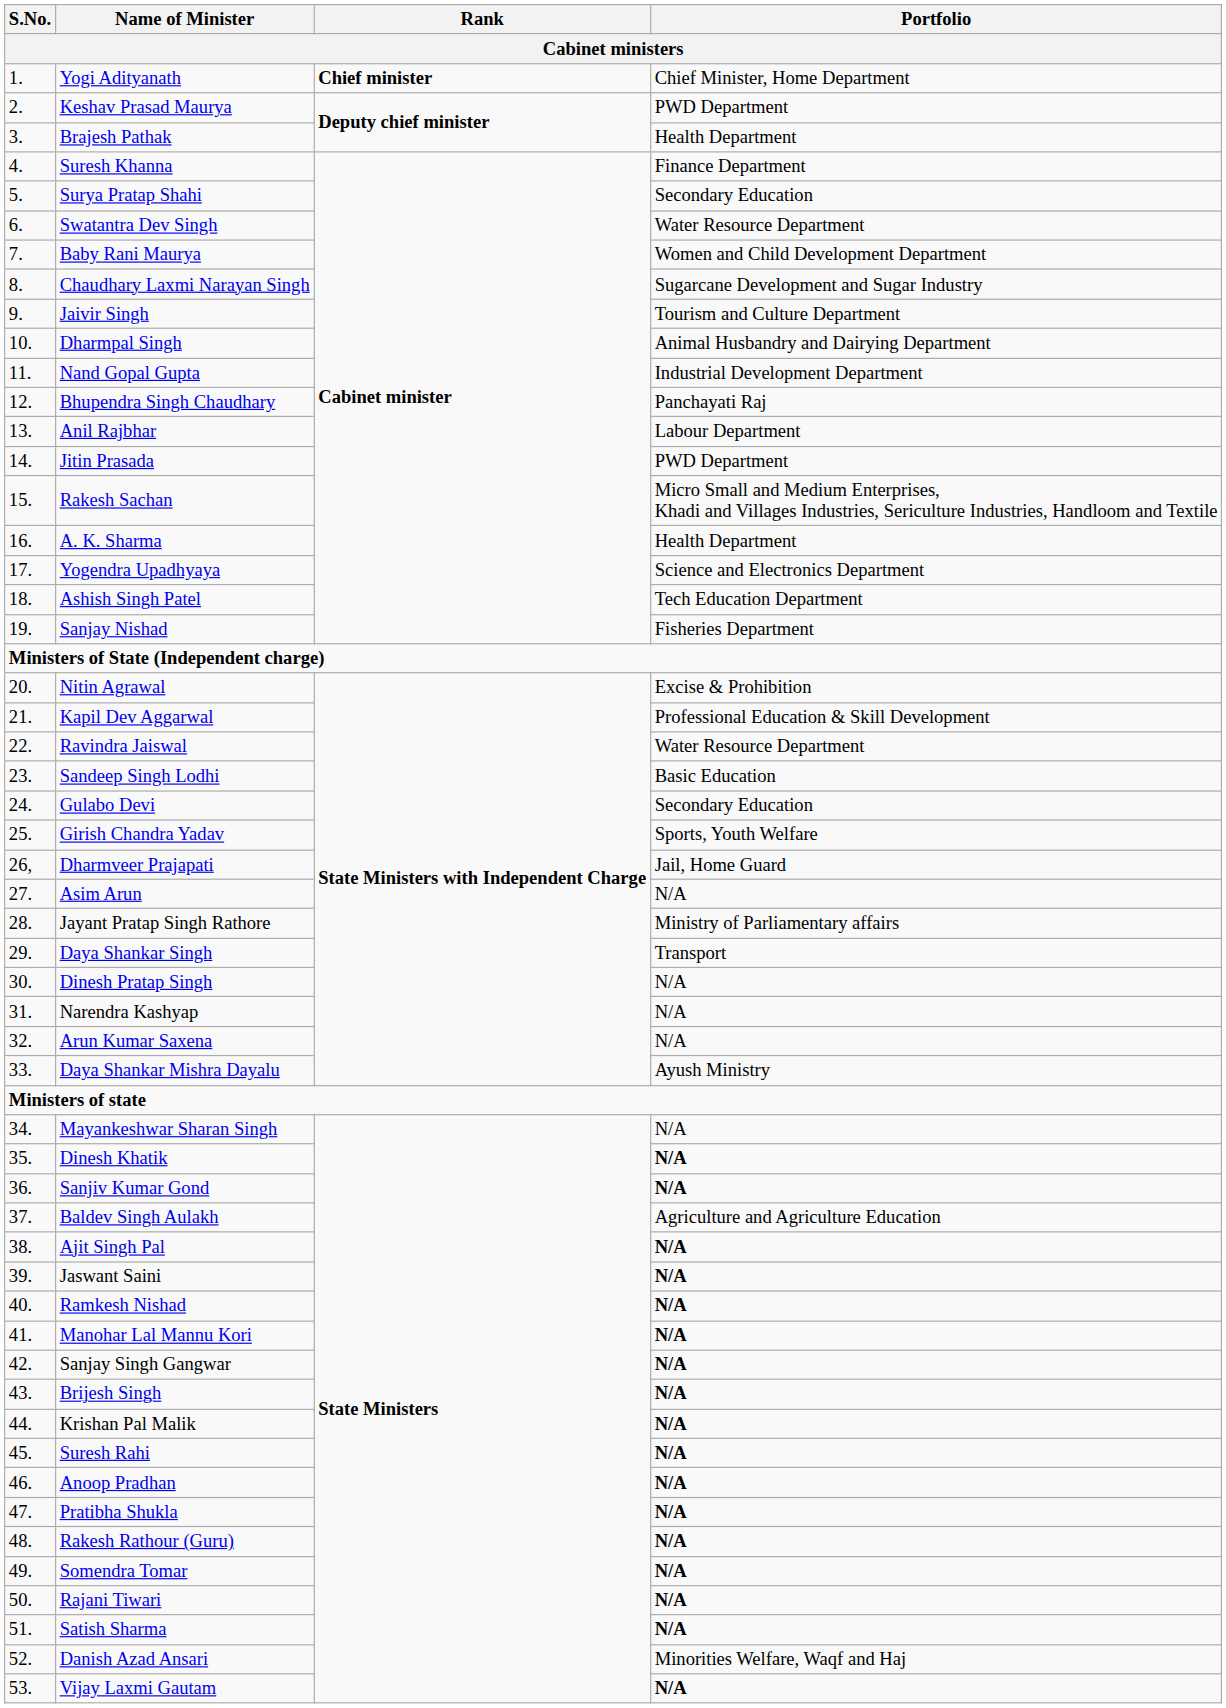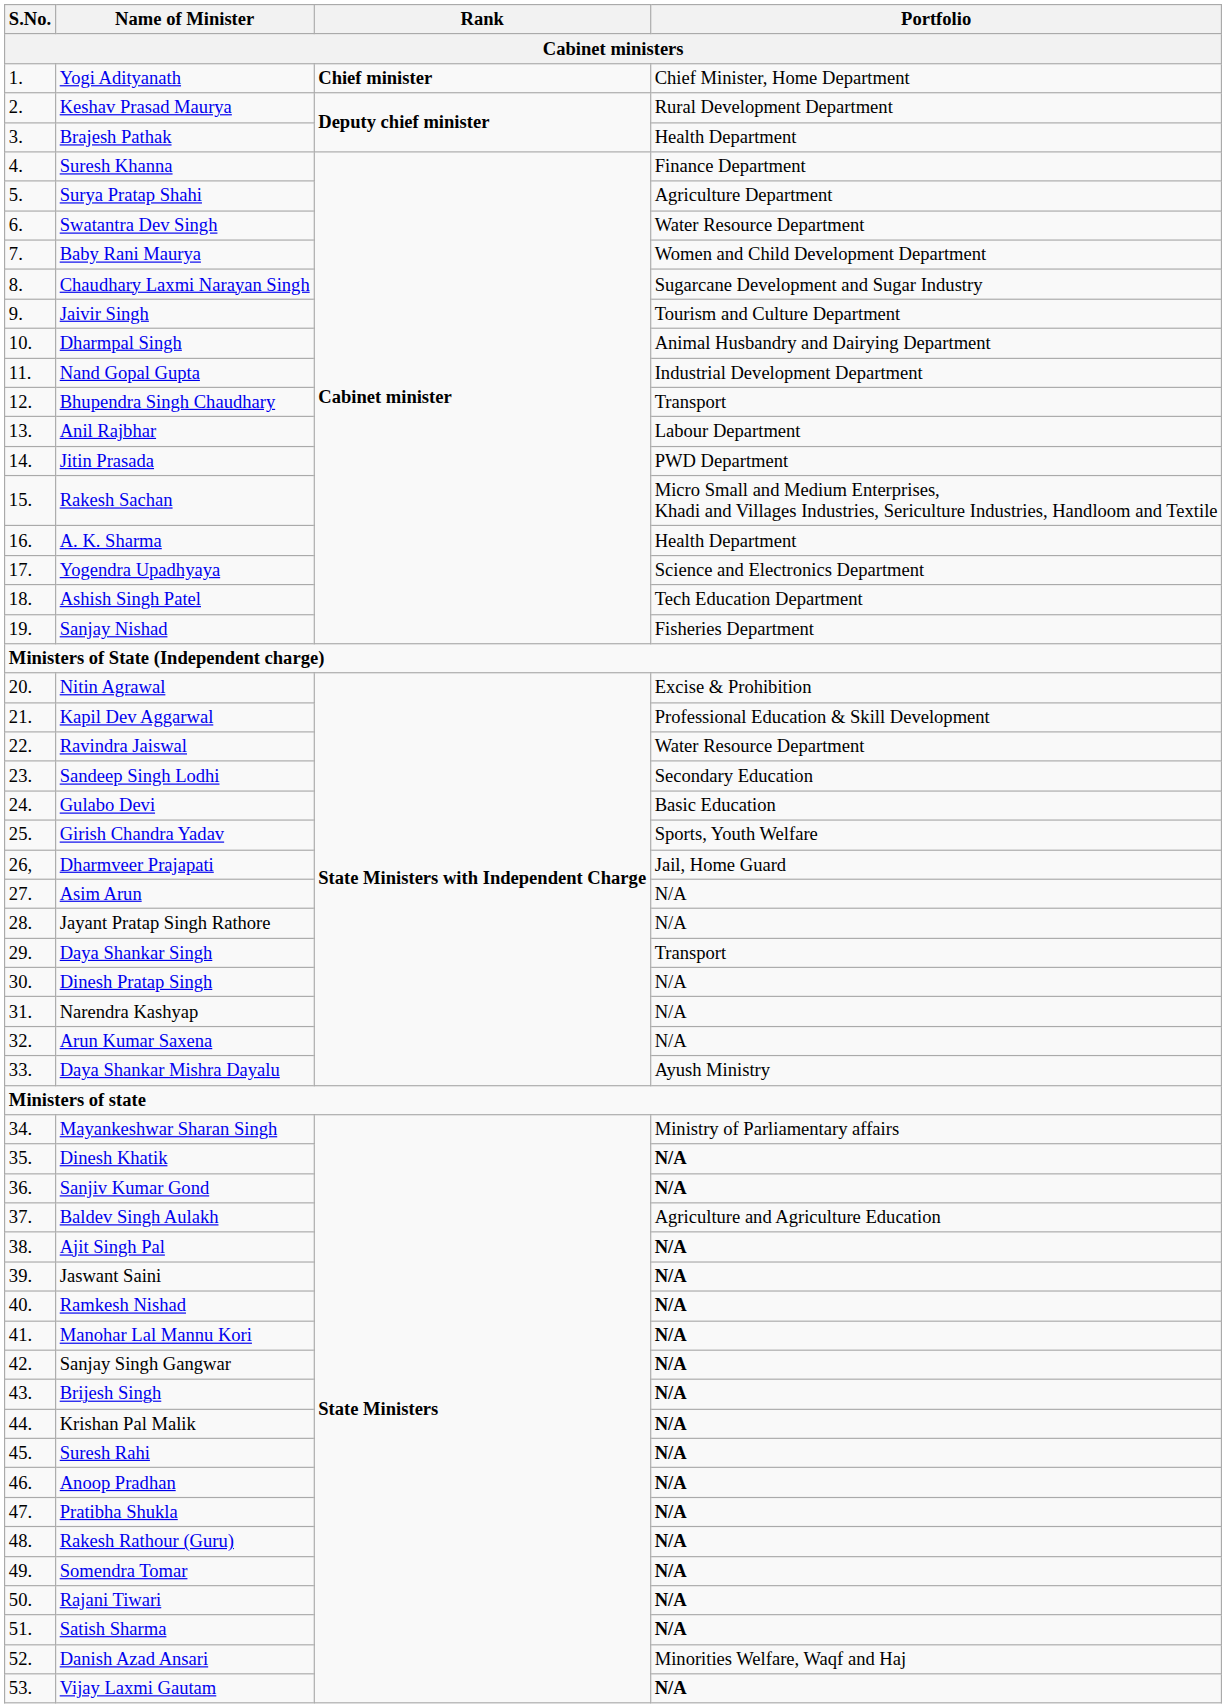 <table class="wikitable sortable mw-collapsible">
 <tr>
 <th>S.No.</th>
 <th>Name of Minister</th>
 <th>Rank</th>
 <th>Portfolio</th>
 </tr>
 <tr>
 <th colspan="4">Cabinet ministers</th>
 </tr>
 <tr>
 <td>1.</td>
 <td><a href='#'>Yogi Adityanath</a></td>
 <td><strong>Chief minister</strong></td>
 <td>Chief Minister, Home Department</td>
 </tr>
 <tr>
 <td>2.</td>
 <td><a href='#'>Keshav Prasad Maurya</a></td>
 <td rowspan="2"><strong>Deputy chief minister</strong></td>
-<td>PWD Department</td>
+<td>Rural Development Department</td>
 </tr>
 <tr>
 <td>3.</td>
 <td><a href='#'>Brajesh Pathak</a></td>
 <td>Health Department</td>
 </tr>
 <tr>
 <td>4.</td>
 <td><a href='#'>Suresh Khanna</a></td>
 <td rowspan="16"><strong>Cabinet minister</strong></td>
 <td>Finance Department</td>
 </tr>
 <tr>
 <td>5.</td>
 <td><a href='#'>Surya Pratap Shahi</a></td>
-<td>Secondary Education</td>
+<td>Agriculture Department</td>
 </tr>
 <tr>
 <td>6.</td>
 <td><a href='#'>Swatantra Dev Singh</a></td>
 <td>Water Resource Department</td>
 </tr>
 <tr>
 <td>7.</td>
 <td><a href='#'>Baby Rani Maurya</a></td>
 <td>Women and Child Development Department</td>
 </tr>
 <tr>
 <td>8.</td>
 <td><a href='#'>Chaudhary Laxmi Narayan Singh</a></td>
 <td>Sugarcane Development and Sugar Industry</td>
 </tr>
 <tr>
 <td>9.</td>
 <td><a href='#'>Jaivir Singh</a></td>
 <td>Tourism and Culture Department</td>
 </tr>
 <tr>
 <td>10.</td>
 <td><a href='#'>Dharmpal Singh</a></td>
 <td>Animal Husbandry and Dairying Department</td>
 </tr>
 <tr>
 <td>11.</td>
 <td><a href='#'>Nand Gopal Gupta</a></td>
 <td>Industrial Development Department</td>
 </tr>
 <tr>
 <td>12.</td>
 <td><a href='#'>Bhupendra Singh Chaudhary</a></td>
-<td>Panchayati Raj</td>
+<td>Transport</td>
 </tr>
 <tr>
 <td>13.</td>
 <td><a href='#'>Anil Rajbhar</a></td>
 <td>Labour Department</td>
 </tr>
 <tr>
 <td>14.</td>
 <td><a href='#'>Jitin Prasada</a></td>
 <td>PWD Department</td>
 </tr>
 <tr>
 <td>15.</td>
 <td><a href='#'>Rakesh Sachan</a></td>
 <td>Micro Small and Medium Enterprises,<br>Khadi and Villages Industries, Sericulture Industries,  Handloom and Textile</td>
 </tr>
 <tr>
 <td>16.</td>
 <td><a href='#'>A. K. Sharma</a></td>
 <td>Health Department</td>
 </tr>
 <tr>
 <td>17.</td>
 <td><a href='#'>Yogendra Upadhyaya</a></td>
 <td>Science and Electronics Department</td>
 </tr>
 <tr>
 <td>18.</td>
 <td><a href='#'>Ashish Singh Patel</a></td>
 <td>Tech Education Department</td>
 </tr>
 <tr>
 <td>19.</td>
 <td><a href='#'>Sanjay Nishad</a></td>
 <td>Fisheries Department</td>
 </tr>
 <tr>
 <td colspan="4"><strong>Ministers of State (Independent charge)</strong></td>
 </tr>
 <tr>
 <td>20.</td>
 <td><a href='#'>Nitin Agrawal</a></td>
 <td rowspan="14"><strong>State Ministers with Independent Charge</strong></td>
 <td>Excise & Prohibition</td>
 </tr>
 <tr>
 <td>21.</td>
 <td><a href='#'>Kapil Dev Aggarwal</a></td>
 <td>Professional Education & Skill Development</td>
 </tr>
 <tr>
 <td>22.</td>
 <td><a href='#'>Ravindra Jaiswal</a></td>
 <td>Water Resource Department</td>
 </tr>
 <tr>
 <td>23.</td>
 <td><a href='#'>Sandeep Singh Lodhi</a></td>
-<td>Basic Education</td>
+<td>Secondary Education</td>
 </tr>
 <tr>
 <td>24.</td>
 <td><a href='#'>Gulabo Devi</a></td>
-<td>Secondary Education</td>
+<td>Basic Education</td>
 </tr>
 <tr>
 <td>25.</td>
 <td><a href='#'>Girish Chandra Yadav</a></td>
 <td>Sports, Youth Welfare</td>
 </tr>
 <tr>
 <td>26,</td>
 <td><a href='#'>Dharmveer Prajapati</a></td>
 <td>Jail, Home Guard</td>
 </tr>
 <tr>
 <td>27.</td>
 <td><a href='#'>Asim Arun</a></td>
 <td>N/A</td>
 </tr>
 <tr>
 <td>28.</td>
 <td>Jayant Pratap Singh Rathore</td>
-<td>Ministry of Parliamentary affairs</td>
+<td>N/A</td>
 </tr>
 <tr>
 <td>29.</td>
 <td><a href='#'>Daya Shankar Singh</a></td>
 <td>Transport</td>
 </tr>
 <tr>
 <td>30.</td>
 <td><a href='#'>Dinesh Pratap Singh</a></td>
 <td>N/A</td>
 </tr>
 <tr>
 <td>31.</td>
 <td>Narendra Kashyap</td>
 <td>N/A</td>
 </tr>
 <tr>
 <td>32.</td>
 <td><a href='#'>Arun Kumar Saxena</a></td>
 <td>N/A</td>
 </tr>
 <tr>
 <td>33.</td>
 <td><a href='#'>Daya Shankar Mishra Dayalu</a></td>
 <td>Ayush Ministry</td>
 </tr>
 <tr>
 <td colspan="4"><strong>Ministers of state</strong></td>
 </tr>
 <tr>
 <td>34.</td>
 <td><a href='#'>Mayankeshwar Sharan Singh</a></td>
 <td rowspan="20"><strong>State Ministers</strong></td>
-<td>N/A</td>
+<td>Ministry of Parliamentary affairs</td>
 </tr>
 <tr>
 <td>35.</td>
 <td><a href='#'>Dinesh Khatik</a></td>
 <td><strong>N/A</strong></td>
 </tr>
 <tr>
 <td>36.</td>
 <td><a href='#'>Sanjiv Kumar Gond</a></td>
 <td><strong>N/A</strong></td>
 </tr>
 <tr>
 <td>37.</td>
 <td><a href='#'>Baldev Singh Aulakh</a></td>
 <td>Agriculture and Agriculture Education</td>
 </tr>
 <tr>
 <td>38.</td>
 <td><a href='#'>Ajit Singh Pal</a></td>
 <td><strong>N/A</strong></td>
 </tr>
 <tr>
 <td>39.</td>
 <td>Jaswant Saini</td>
 <td><strong>N/A</strong></td>
 </tr>
 <tr>
 <td>40.</td>
 <td><a href='#'>Ramkesh Nishad</a></td>
 <td><strong>N/A</strong></td>
 </tr>
 <tr>
 <td>41.</td>
 <td><a href='#'>Manohar Lal Mannu Kori</a></td>
 <td><strong>N/A</strong></td>
 </tr>
 <tr>
 <td>42.</td>
 <td>Sanjay Singh Gangwar</td>
 <td><strong>N/A</strong></td>
 </tr>
 <tr>
 <td>43.</td>
 <td><a href='#'>Brijesh Singh</a></td>
 <td><strong>N/A</strong></td>
 </tr>
 <tr>
 <td>44.</td>
 <td>Krishan Pal Malik</td>
 <td><strong>N/A</strong></td>
 </tr>
 <tr>
 <td>45.</td>
 <td><a href='#'>Suresh Rahi</a></td>
 <td><strong>N/A</strong></td>
 </tr>
 <tr>
 <td>46.</td>
 <td><a href='#'>Anoop Pradhan</a></td>
 <td><strong>N/A</strong></td>
 </tr>
 <tr>
 <td>47.</td>
 <td><a href='#'>Pratibha Shukla</a></td>
 <td><strong>N/A</strong></td>
 </tr>
 <tr>
 <td>48.</td>
 <td><a href='#'>Rakesh Rathour (Guru)</a></td>
 <td><strong>N/A</strong></td>
 </tr>
 <tr>
 <td>49.</td>
 <td><a href='#'>Somendra Tomar</a></td>
 <td><strong>N/A</strong></td>
 </tr>
 <tr>
 <td>50.</td>
 <td><a href='#'>Rajani Tiwari</a></td>
 <td><strong>N/A</strong></td>
 </tr>
 <tr>
 <td>51.</td>
 <td><a href='#'>Satish Sharma</a></td>
 <td><strong>N/A</strong></td>
 </tr>
 <tr>
 <td>52.</td>
 <td><a href='#'>Danish Azad Ansari</a></td>
 <td>Minorities Welfare, Waqf and Haj</td>
 </tr>
 <tr>
 <td>53.</td>
 <td><a href='#'>Vijay Laxmi Gautam</a></td>
 <td><strong>N/A</strong></td>
 </tr>
 </table>
